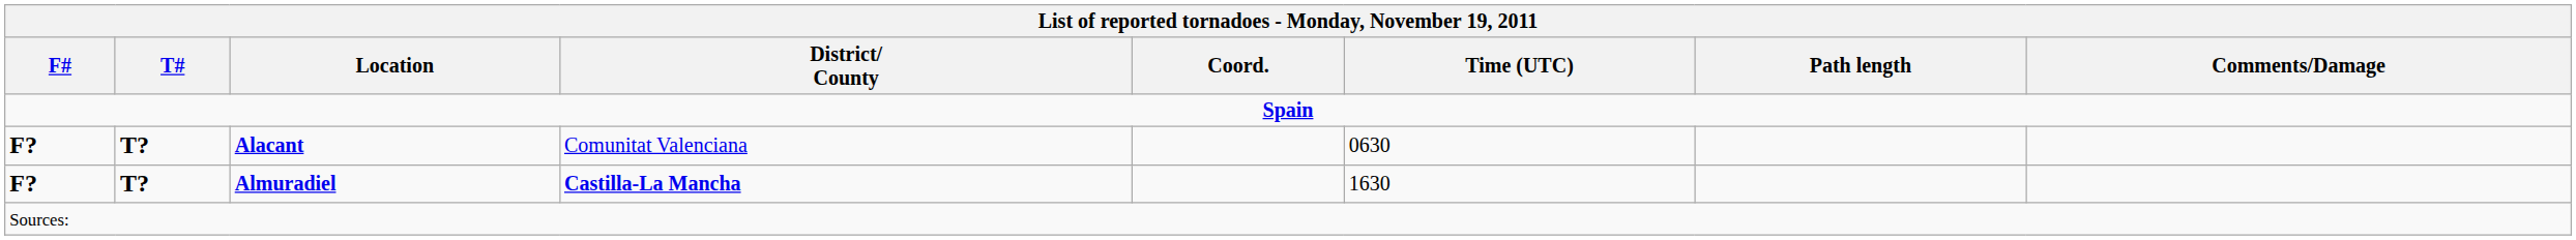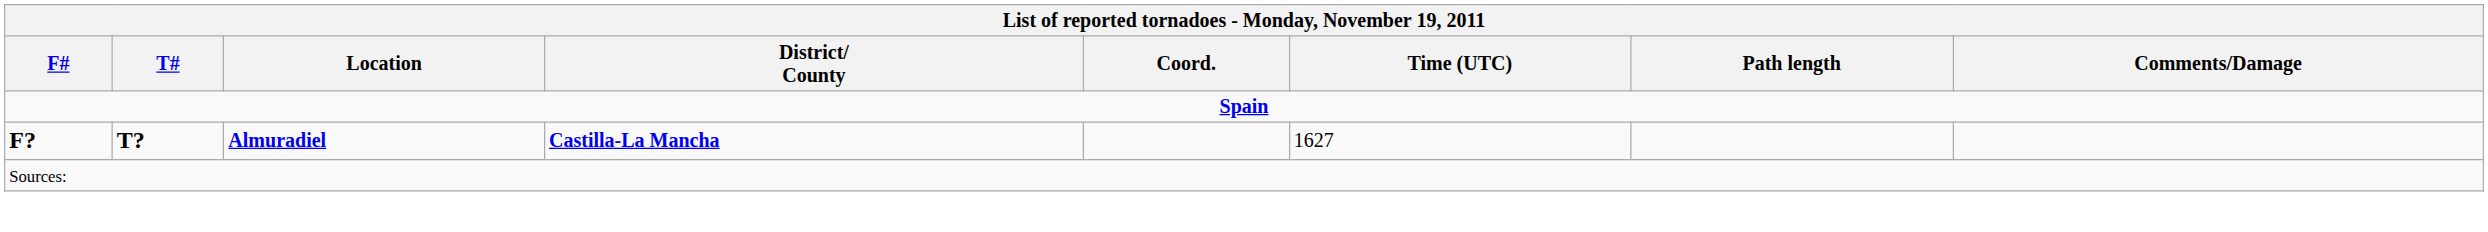 <table class="wikitable collapsible" width="100%">
 <tr>
 <th colspan="8">List of reported tornadoes - Monday, November 19, 2011</th>
 </tr>
 <tr>
 <th><a href='#'>F#</a></th>
 <th><a href='#'>T#</a></th>
 <th>Location</th>
 <th>District/<br>County</th>
 <th>Coord.</th>
 <th>Time (UTC)</th>
 <th>Path length</th>
 <th>Comments/Damage</th>
 </tr>
 <tr>
 <td colspan="8" align=center><strong><a href='#'>Spain</a></strong></td>
 </tr>
 <tr>
 <td><big><strong>F?</strong></big></td>
 <td><big><strong>T?</strong></big></td>
-<td><strong><a href='#'>Alacant</a></strong></td>
-<td><a href='#'>Comunitat Valenciana</a></td>
-<td></td>
-<td>0630</td>
-<td></td>
-<td></td>
-</tr>
-<tr>
-<td><big><strong>F?</strong></big></td>
-<td><big><strong>T?</strong></big></td>
 <td><strong><a href='#'>Almuradiel</a></strong></td>
 <td><strong><a href='#'>Castilla-La Mancha</a></strong></td>
 <td></td>
-<td>1630</td>
+<td>1627</td>
 <td></td>
 <td></td>
 </tr>
 <tr>
 <td colspan="8"><small>Sources:  </small></td>
 </tr>
 </table>
